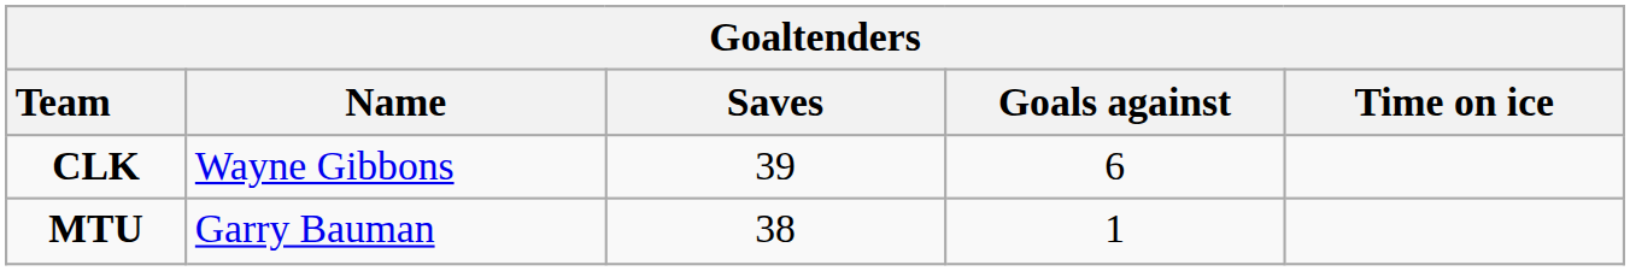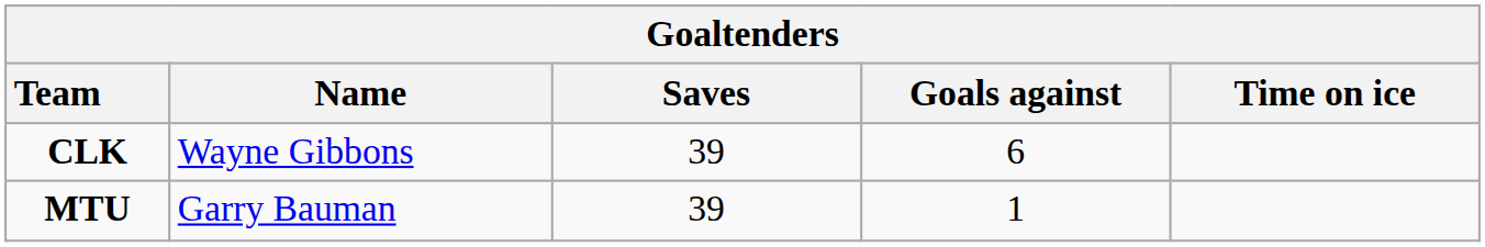 <table class="wikitable" style="width:40em; text-align:right;">
 <tr>
 <th colspan=5>Goaltenders</th>
 </tr>
 <tr>
 <th style="width:4em; text-align:left;">Team</th>
 <th style="width:10em;">Name</th>
 <th style="width:8em;">Saves</th>
 <th style="width:8em;">Goals against</th>
 <th style="width:8em;">Time on ice</th>
 </tr>
 <tr>
 <td align=center><strong>CLK</strong></td>
 <td style="text-align:left;"><a href='#'>Wayne Gibbons</a></td>
 <td align=center>39</td>
 <td align=center>6</td>
 <td align=center></td>
 </tr>
 <tr>
 <td align=center><strong>MTU</strong></td>
 <td style="text-align:left;"><a href='#'>Garry Bauman</a></td>
-<td align=center>38</td>
+<td align=center>39</td>
 <td align=center>1</td>
 <td align=center></td>
 </tr>
 </table>
